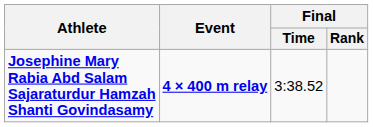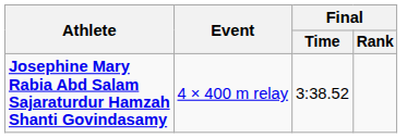 <table class="wikitable" style="font-size:90%">
 <tr>
 <th rowspan="2">Athlete</th>
 <th rowspan="2">Event</th>
 <th colspan="2">Final</th>
 </tr>
 <tr style="font-size:95%">
 <th>Time</th>
 <th>Rank</th>
 </tr>
 <tr align=center>
 <td align=left><strong><a href='#'>Josephine Mary</a><br><a href='#'>Rabia Abd Salam</a><br><a href='#'>Sajaraturdur Hamzah</a><br><a href='#'>Shanti Govindasamy</a></strong></td>
-<td align=left><strong><a href='#'>4 × 400 m relay</a></strong></td>
+<td align=left><a href='#'>4 × 400 m relay</a></td>
 <td>3:38.52</td>
 <td></td>
 </tr>
 </table>
